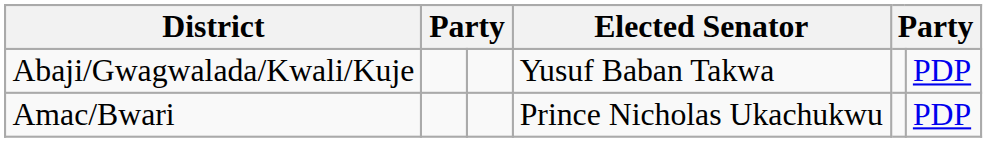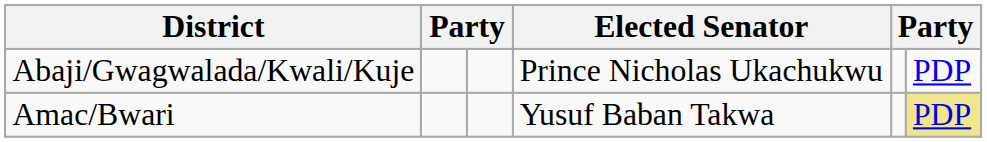 <table class="sortable wikitable" style="font-size:95%;line-height:14px;">
 <tr>
 <th class="unsortable">District</th>
 <th colspan="2">Party</th>
 <th class="unsortable">Elected Senator</th>
 <th colspan="2">Party</th>
 </tr>
 <tr>
 <td>Abaji/Gwagwalada/Kwali/Kuje</td>
 <td></td>
 <td></td>
-<td>Yusuf Baban Takwa</td>
+<td>Prince Nicholas Ukachukwu</td>
 <td style="background:"></td>
 <td><a href='#'>PDP</a></td>
 </tr>
 <tr>
 <td>Amac/Bwari</td>
 <td></td>
 <td></td>
-<td>Prince Nicholas Ukachukwu</td>
+<td>Yusuf Baban Takwa</td>
 <td style="background:"></td>
-<td><a href='#'>PDP</a></td>
+<td style="background: khaki;"><a href='#'>PDP</a></td>
 </tr>
 </table>
